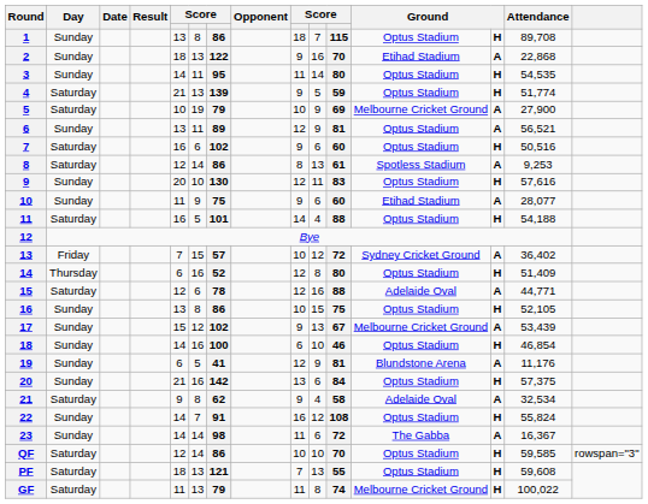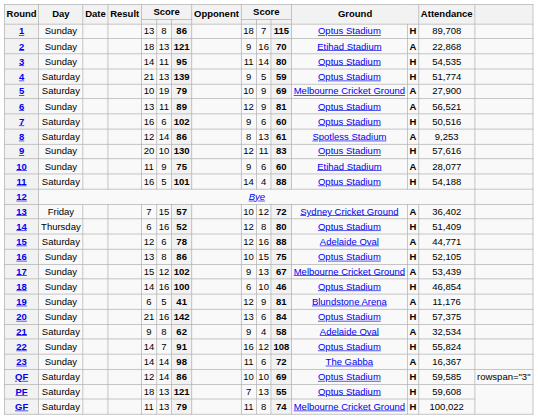 <table class="wikitable plainrowheaders sortable" style="font-size:90%; text-align:center;">
 <tr>
 <th scope="col" rowspan="2">Round</th>
 <th scope="col" rowspan="2">Day</th>
 <th scope="col" rowspan="2">Date</th>
 <th scope="col" rowspan="2">Result</th>
 <th scope="col" colspan="3">Score</th>
 <th scope="col" rowspan="2">Opponent</th>
 <th scope="col" colspan="3">Score</th>
 <th scope="col" rowspan="2" colspan="2">Ground</th>
 <th scope="col" rowspan="2">Attendance</th>
 <th scope="col" rowspan="2"></th>
 </tr>
 <tr>
 <th scope="col"></th>
 <th scope="col"></th>
 <th scope="col"></th>
 <th scope="col"></th>
 <th scope="col"></th>
 <th scope="col"></th>
 </tr>
 <tr>
 <th><a href='#'>1</a></th>
 <td>Sunday</td>
 <td></td>
 <td></td>
 <td>13</td>
 <td>8</td>
 <th>86</th>
 <td></td>
 <td>18</td>
 <td>7</td>
 <th>115</th>
 <td><a href='#'>Optus Stadium</a></td>
 <td><strong>H</strong></td>
 <td>89,708</td>
 <td></td>
 </tr>
 <tr>
 <th scope="row" style="text-align:center;"><a href='#'>2</a></th>
 <td>Sunday</td>
 <td></td>
 <td></td>
 <td>18</td>
 <td>13</td>
-<th>122</th>
+<th>121</th>
 <td></td>
 <td>9</td>
 <td>16</td>
 <th>70</th>
 <td><a href='#'>Etihad Stadium</a></td>
 <td><strong>A</strong></td>
 <td>22,868</td>
 <td></td>
 </tr>
 <tr>
 <th scope="row" style="text-align:center;"><a href='#'>3</a></th>
 <td>Sunday</td>
 <td></td>
 <td></td>
 <td>14</td>
 <td>11</td>
 <th>95</th>
 <td></td>
 <td>11</td>
 <td>14</td>
 <th>80</th>
 <td><a href='#'>Optus Stadium</a></td>
 <td><strong>H</strong></td>
 <td>54,535</td>
 <td></td>
 </tr>
 <tr>
 <th scope="row" style="text-align:center;"><a href='#'>4</a></th>
 <td>Saturday</td>
 <td></td>
 <td></td>
 <td>21</td>
 <td>13</td>
 <th>139</th>
 <td></td>
 <td>9</td>
 <td>5</td>
 <th>59</th>
 <td><a href='#'>Optus Stadium</a></td>
 <td><strong>H</strong></td>
 <td>51,774</td>
 <td></td>
 </tr>
 <tr>
 <th scope="row" style="text-align:center;"><a href='#'>5</a></th>
 <td>Saturday</td>
 <td></td>
 <td></td>
 <td>10</td>
 <td>19</td>
 <th>79</th>
 <td></td>
 <td>10</td>
 <td>9</td>
 <th>69</th>
 <td><a href='#'>Melbourne Cricket Ground</a></td>
 <td><strong>A</strong></td>
 <td>27,900</td>
 <td></td>
 </tr>
 <tr>
 <th scope="row" style="text-align:center;"><a href='#'>6</a></th>
 <td>Sunday</td>
 <td></td>
 <td></td>
 <td>13</td>
 <td>11</td>
 <th>89</th>
 <td></td>
 <td>12</td>
 <td>9</td>
 <th>81</th>
 <td><a href='#'>Optus Stadium</a></td>
 <td><strong>A</strong></td>
 <td>56,521</td>
 <td></td>
 </tr>
 <tr>
 <th scope="row" style="text-align:center;"><a href='#'>7</a></th>
 <td>Saturday</td>
 <td></td>
 <td></td>
 <td>16</td>
 <td>6</td>
 <th>102</th>
 <td></td>
 <td>9</td>
 <td>6</td>
 <th>60</th>
 <td><a href='#'>Optus Stadium</a></td>
 <td><strong>H</strong></td>
 <td>50,516</td>
 <td></td>
 </tr>
 <tr>
 <th scope="row" style="text-align:center;"><a href='#'>8</a></th>
 <td>Saturday</td>
 <td></td>
 <td></td>
 <td>12</td>
 <td>14</td>
 <th>86</th>
 <td></td>
 <td>8</td>
 <td>13</td>
 <th>61</th>
 <td><a href='#'>Spotless Stadium</a></td>
 <td><strong>A</strong></td>
 <td>9,253</td>
 <td></td>
 </tr>
 <tr>
 <th scope="row" style="text-align:center;"><a href='#'>9</a></th>
 <td>Sunday</td>
 <td></td>
 <td></td>
 <td>20</td>
 <td>10</td>
 <th>130</th>
 <td></td>
 <td>12</td>
 <td>11</td>
 <th>83</th>
 <td><a href='#'>Optus Stadium</a></td>
 <td><strong>H</strong></td>
 <td>57,616</td>
 <td></td>
 </tr>
 <tr>
 <th scope="row" style="text-align:center;"><a href='#'>10</a></th>
 <td>Sunday</td>
 <td></td>
 <td></td>
 <td>11</td>
 <td>9</td>
 <th>75</th>
 <td></td>
 <td>9</td>
 <td>6</td>
 <th>60</th>
 <td><a href='#'>Etihad Stadium</a></td>
 <td><strong>A</strong></td>
 <td>28,077</td>
 <td></td>
 </tr>
 <tr>
 <th scope="row" style="text-align:center;"><a href='#'>11</a></th>
 <td>Saturday</td>
 <td></td>
 <td></td>
 <td>16</td>
 <td>5</td>
 <th>101</th>
 <td></td>
 <td>14</td>
 <td>4</td>
 <th>88</th>
 <td><a href='#'>Optus Stadium</a></td>
 <td><strong>H</strong></td>
 <td>54,188</td>
 <td></td>
 </tr>
 <tr>
 <th scope="row" style="text-align:center;"><a href='#'>12</a></th>
 <td colspan=13><em><a href='#'>Bye</a></em></td>
 <td></td>
 </tr>
 <tr>
 <th scope="row" style="text-align:center;"><a href='#'>13</a></th>
 <td>Friday</td>
 <td></td>
 <td></td>
 <td>7</td>
 <td>15</td>
 <th>57</th>
 <td></td>
 <td>10</td>
 <td>12</td>
 <th>72</th>
 <td><a href='#'>Sydney Cricket Ground</a></td>
 <td><strong>A</strong></td>
 <td>36,402</td>
 <td></td>
 </tr>
 <tr>
 <th scope="row" style="text-align:center;"><a href='#'>14</a></th>
 <td>Thursday</td>
 <td></td>
 <td></td>
 <td>6</td>
 <td>16</td>
 <th>52</th>
 <td></td>
 <td>12</td>
 <td>8</td>
 <th>80</th>
 <td><a href='#'>Optus Stadium</a></td>
 <td><strong>H</strong></td>
 <td>51,409</td>
 <td></td>
 </tr>
 <tr>
 <th scope="row" style="text-align:center;"><a href='#'>15</a></th>
 <td>Saturday</td>
 <td></td>
 <td></td>
 <td>12</td>
 <td>6</td>
 <th>78</th>
 <td></td>
 <td>12</td>
 <td>16</td>
 <th>88</th>
 <td><a href='#'>Adelaide Oval</a></td>
 <td><strong>A</strong></td>
 <td>44,771</td>
 <td></td>
 </tr>
 <tr>
 <th scope="row" style="text-align:center;"><a href='#'>16</a></th>
 <td>Sunday</td>
 <td></td>
 <td></td>
 <td>13</td>
 <td>8</td>
 <th>86</th>
 <td></td>
 <td>10</td>
 <td>15</td>
 <th>75</th>
 <td><a href='#'>Optus Stadium</a></td>
 <td><strong>H</strong></td>
 <td>52,105</td>
 <td></td>
 </tr>
 <tr>
 <th scope="row" style="text-align:center;"><a href='#'>17</a></th>
 <td>Sunday</td>
 <td></td>
 <td></td>
 <td>15</td>
 <td>12</td>
 <th>102</th>
 <td></td>
 <td>9</td>
 <td>13</td>
 <th>67</th>
 <td><a href='#'>Melbourne Cricket Ground</a></td>
 <td><strong>A</strong></td>
 <td>53,439</td>
 <td></td>
 </tr>
 <tr>
 <th scope="row" style="text-align:center;"><a href='#'>18</a></th>
 <td>Sunday</td>
 <td></td>
 <td></td>
 <td>14</td>
 <td>16</td>
 <th>100</th>
 <td></td>
 <td>6</td>
 <td>10</td>
 <th>46</th>
 <td><a href='#'>Optus Stadium</a></td>
 <td><strong>H</strong></td>
 <td>46,854</td>
 <td></td>
 </tr>
 <tr>
 <th scope="row" style="text-align:center;"><a href='#'>19</a></th>
 <td>Sunday</td>
 <td></td>
 <td></td>
 <td>6</td>
 <td>5</td>
 <th>41</th>
 <td></td>
 <td>12</td>
 <td>9</td>
 <th>81</th>
 <td><a href='#'>Blundstone Arena</a></td>
 <td><strong>A</strong></td>
 <td>11,176</td>
 <td></td>
 </tr>
 <tr>
 <th scope="row" style="text-align:center;"><a href='#'>20</a></th>
 <td>Sunday</td>
 <td></td>
 <td></td>
 <td>21</td>
 <td>16</td>
 <th>142</th>
 <td></td>
 <td>13</td>
 <td>6</td>
 <th>84</th>
 <td><a href='#'>Optus Stadium</a></td>
 <td><strong>H</strong></td>
 <td>57,375</td>
 <td></td>
 </tr>
 <tr>
 <th scope="row" style="text-align:center;"><a href='#'>21</a></th>
 <td>Saturday</td>
 <td></td>
 <td></td>
 <td>9</td>
 <td>8</td>
 <th>62</th>
 <td></td>
 <td>9</td>
 <td>4</td>
 <th>58</th>
 <td><a href='#'>Adelaide Oval</a></td>
 <td><strong>A</strong></td>
 <td>32,534</td>
 <td></td>
 </tr>
 <tr>
 <th scope="row" style="text-align:center;"><a href='#'>22</a></th>
 <td>Sunday</td>
 <td></td>
 <td></td>
 <td>14</td>
 <td>7</td>
 <th>91</th>
 <td></td>
 <td>16</td>
 <td>12</td>
 <th>108</th>
 <td><a href='#'>Optus Stadium</a></td>
 <td><strong>H</strong></td>
 <td>55,824</td>
 <td></td>
 </tr>
 <tr>
 <th scope="row" style="text-align:center;"><a href='#'>23</a></th>
 <td>Sunday</td>
 <td></td>
 <td></td>
 <td>14</td>
 <td>14</td>
 <th>98</th>
 <td></td>
 <td>11</td>
 <td>6</td>
 <th>72</th>
 <td><a href='#'>The Gabba</a></td>
 <td><strong>A</strong></td>
 <td>16,367</td>
 <td></td>
 </tr>
 <tr>
 <th scope="row" style="text-align:center;"><a href='#'>QF</a></th>
 <td>Saturday</td>
 <td></td>
 <td></td>
 <td>12</td>
 <td>14</td>
 <th>86</th>
 <td></td>
 <td>10</td>
 <td>10</td>
-<th>70</th>
+<th>69</th>
 <td><a href='#'>Optus Stadium</a></td>
 <td><strong>H</strong></td>
 <td>59,585</td>
 <td>rowspan="3" </td>
 </tr>
 <tr>
 <th scope="row" style="text-align:center;"><a href='#'>PF</a></th>
 <td>Saturday</td>
 <td></td>
 <td></td>
 <td>18</td>
 <td>13</td>
 <th>121</th>
 <td></td>
 <td>7</td>
 <td>13</td>
 <th>55</th>
 <td><a href='#'>Optus Stadium</a></td>
 <td><strong>H</strong></td>
 <td>59,608</td>
 </tr>
 <tr>
 <th scope="row" style="text-align:center;"><a href='#'>GF</a></th>
 <td>Saturday</td>
 <td></td>
 <td></td>
 <td>11</td>
 <td>13</td>
 <th>79</th>
 <td></td>
 <td>11</td>
 <td>8</td>
 <th>74</th>
 <td><a href='#'>Melbourne Cricket Ground</a></td>
 <td><strong>H</strong></td>
 <td>100,022</td>
 </tr>
 </table>
